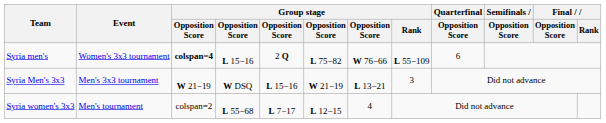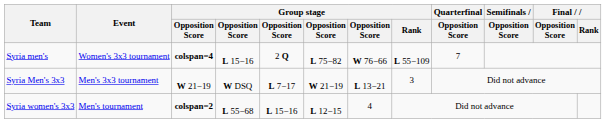 <table class=wikitable style=font-size:90%;text-align:center>
 <tr>
 <th rowspan=2>Team</th>
 <th rowspan=2>Event</th>
 <th colspan=6>Group stage</th>
 <th>Quarterfinal</th>
 <th>Semifinals / </th>
 <th colspan=2>Final /  / </th>
 </tr>
 <tr style="font-size:95%">
 <th>Opposition<br>Score</th>
 <th>Opposition<br>Score</th>
 <th>Opposition<br>Score</th>
 <th>Opposition<br>Score</th>
 <th>Opposition<br>Score</th>
 <th>Rank</th>
 <th>Opposition<br>Score</th>
 <th>Opposition<br>Score</th>
 <th>Opposition<br>Score</th>
 <th>Rank</th>
 </tr>
 <tr align=center>
 <td align=left><a href='#'>Syria men's</a></td>
 <td align=left><a href='#'>Women's 3x3 tournament</a></td>
 <td><strong>colspan=4 </strong></td>
 <td><br><strong>L</strong> 15−16</td>
 <td>2 <strong>Q</strong></td>
 <td><br><strong>L</strong> 75−82</td>
 <td><br><strong>W</strong> 76−66</td>
 <td><br><strong>L</strong> 55−109</td>
-<td>6</td>
+<td>7</td>
 </tr>
 <tr align=center>
 <td align=left><a href='#'>Syria Men's 3x3</a></td>
 <td align=left><a href='#'>Men's 3x3 tournament</a></td>
 <td><br><strong>W</strong> 21−19</td>
 <td><br><strong>W</strong> DSQ</td>
-<td><br><strong>L</strong> 15−16</td>
+<td><br><strong>L</strong> 7−17</td>
 <td><br><strong>W</strong> 21−19</td>
 <td><br><strong>L</strong> 13−21</td>
 <td>3</td>
 <td align=center colspan=4>Did not advance</td>
 </tr>
 <tr align=center>
 <td align=left><a href='#'>Syria women's 3x3</a></td>
 <td align=left><a href='#'>Men's tournament</a></td>
-<td>colspan=2 </td>
+<td><strong>colspan=2 </strong></td>
 <td><br><strong>L</strong> 55−68</td>
-<td><br><strong>L</strong> 7−17</td>
+<td><br><strong>L</strong> 15−16</td>
 <td><br><strong>L</strong> 12−15</td>
 <td>4</td>
 <td align=center colspan=4>Did not advance</td>
 </tr>
 </table>
